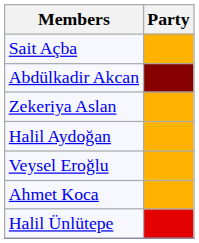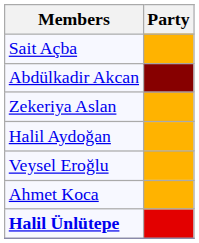 <table class=wikitable style="border:1px solid #8888aa; background-color:#f7f8ff; padding:0px; font-size:90%;">
 <tr>
 <th>Members</th>
 <th colspan="2">Party</th>
 </tr>
 <tr>
 <td><a href='#'>Sait Açba</a></td>
 <td style="background: #ffb300"></td>
 </tr>
 <tr>
 <td><a href='#'>Abdülkadir Akcan</a></td>
 <td style="background: #870000"></td>
 </tr>
 <tr>
 <td><a href='#'>Zekeriya Aslan</a></td>
 <td style="background: #ffb300"></td>
 </tr>
 <tr>
 <td><a href='#'>Halil Aydoğan</a></td>
 <td style="background: #ffb300"></td>
 </tr>
 <tr>
 <td><a href='#'>Veysel Eroğlu</a></td>
 <td style="background: #ffb300"></td>
 </tr>
 <tr>
 <td><a href='#'>Ahmet Koca</a></td>
 <td style="background: #ffb300"></td>
 </tr>
 <tr>
-<td><a href='#'>Halil Ünlütepe</a></td>
+<td><strong><a href='#'>Halil Ünlütepe</a></strong></td>
 <td style="background: #e30000"></td>
 </tr>
 <tr>
 </tr>
 </table>
